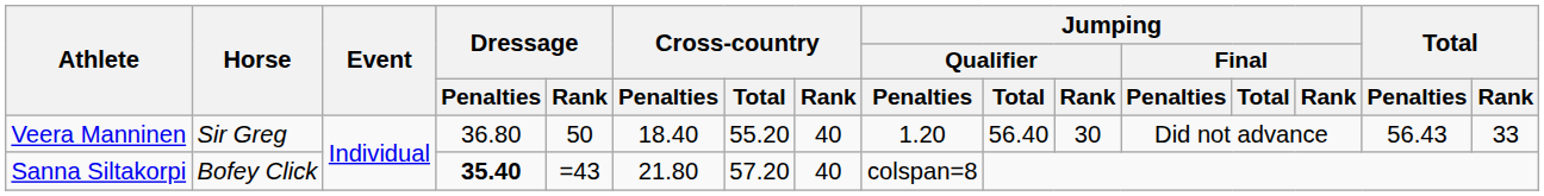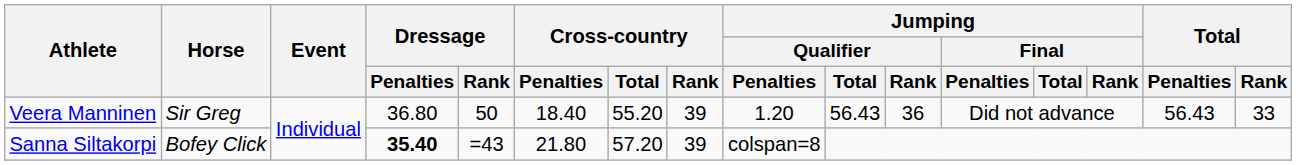 <table class=wikitable style=font-size:90%;text-align:center>
 <tr>
 <th rowspan="3">Athlete</th>
 <th rowspan="3">Horse</th>
 <th rowspan="3">Event</th>
 <th colspan="2" rowspan="2">Dressage</th>
 <th colspan="3" rowspan="2">Cross-country</th>
 <th colspan="6">Jumping</th>
 <th colspan="2" rowspan="2">Total</th>
 </tr>
 <tr style="font-size:95%">
 <th colspan="3">Qualifier</th>
 <th colspan="3">Final</th>
 </tr>
 <tr style="font-size:95%">
 <th>Penalties</th>
 <th>Rank</th>
 <th>Penalties</th>
 <th>Total</th>
 <th>Rank</th>
 <th>Penalties</th>
 <th>Total</th>
 <th>Rank</th>
 <th>Penalties</th>
 <th>Total</th>
 <th>Rank</th>
 <th>Penalties</th>
 <th>Rank</th>
 </tr>
 <tr align=center>
 <td align=left><a href='#'>Veera Manninen</a></td>
 <td align=left><em>Sir Greg</em></td>
 <td rowspan=2 align=left><a href='#'>Individual</a></td>
 <td>36.80</td>
 <td>50</td>
 <td>18.40</td>
 <td>55.20</td>
-<td>40</td>
+<td>39</td>
 <td>1.20</td>
-<td>56.40</td>
-<td>30</td>
+<td>56.43</td>
+<td>36</td>
 <td colspan=3>Did not advance</td>
 <td>56.43</td>
 <td>33</td>
 </tr>
 <tr align=center>
 <td align=left><a href='#'>Sanna Siltakorpi</a></td>
 <td align=left><em>Bofey Click</em></td>
 <td><strong>35.40</strong></td>
 <td>=43</td>
 <td>21.80</td>
 <td>57.20</td>
-<td>40</td>
+<td>39</td>
 <td>colspan=8 </td>
 </tr>
 </table>
